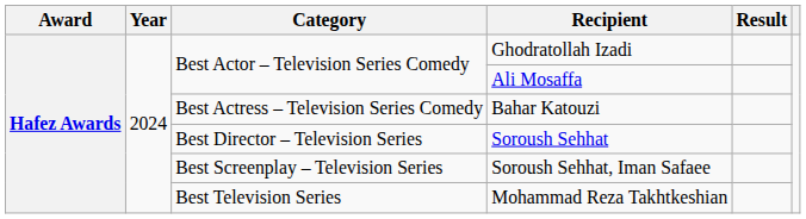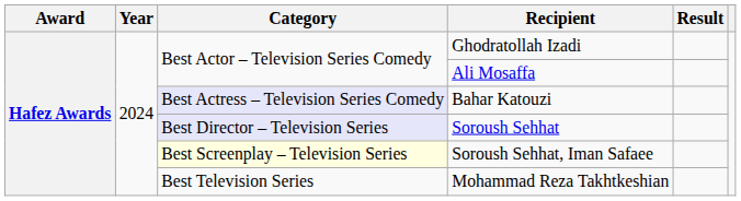 <table class="wikitable sortable plainrowheaders">
 <tr>
 <th scope="col">Award</th>
 <th scope="col">Year</th>
 <th scope="col">Category</th>
 <th scope="col">Recipient</th>
 <th scope="col">Result</th>
 <th></th>
 </tr>
 <tr>
 <th rowspan="6" scope="row"><a href='#'>Hafez Awards</a></th>
 <td rowspan="6">2024</td>
 <td rowspan="2">Best Actor – Television Series Comedy</td>
 <td>Ghodratollah Izadi</td>
 <td></td>
 <td rowspan="6"></td>
 </tr>
 <tr>
 <td><a href='#'>Ali Mosaffa</a></td>
 <td></td>
 </tr>
 <tr>
-<td>Best Actress – Television Series Comedy</td>
+<td style="background: lavender;">Best Actress – Television Series Comedy</td>
 <td>Bahar Katouzi</td>
 <td></td>
 </tr>
 <tr>
-<td>Best Director – Television Series</td>
+<td style="background: lavender;">Best Director – Television Series</td>
 <td><a href='#'>Soroush Sehhat</a></td>
 <td></td>
 </tr>
 <tr>
-<td>Best Screenplay – Television Series</td>
+<td style="background: lightyellow;">Best Screenplay – Television Series</td>
 <td>Soroush Sehhat, Iman Safaee</td>
 <td></td>
 </tr>
 <tr>
 <td>Best Television Series</td>
 <td>Mohammad Reza Takhtkeshian</td>
 <td></td>
 </tr>
 </table>
